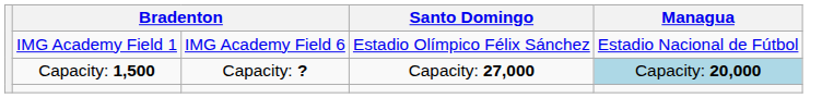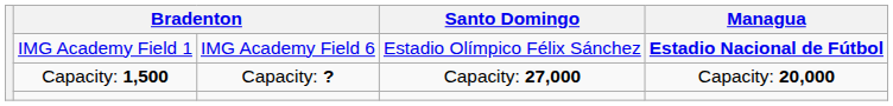 <table class="wikitable" style="text-align:center">
 <tr>
 <th rowspan="4"></th>
 <th colspan="2"> <a href='#'>Bradenton</a></th>
 <th> <a href='#'>Santo Domingo</a></th>
 <th> <a href='#'>Managua</a></th>
 </tr>
 <tr>
 <td><a href='#'>IMG Academy Field 1</a></td>
 <td><a href='#'>IMG Academy Field 6</a></td>
 <td><a href='#'>Estadio Olímpico Félix Sánchez</a></td>
-<td><a href='#'>Estadio Nacional de Fútbol</a></td>
+<td><strong><a href='#'>Estadio Nacional de Fútbol</a></strong></td>
 </tr>
 <tr>
 <td>Capacity: <strong>1,500</strong></td>
 <td>Capacity: <strong>?</strong></td>
 <td>Capacity: <strong>27,000</strong></td>
-<td style="background: lightblue;">Capacity: <strong>20,000</strong></td>
+<td>Capacity: <strong>20,000</strong></td>
 </tr>
 <tr>
 <td></td>
 <td></td>
 <td></td>
 <td></td>
 </tr>
 </table>
